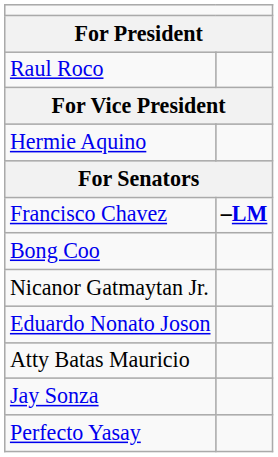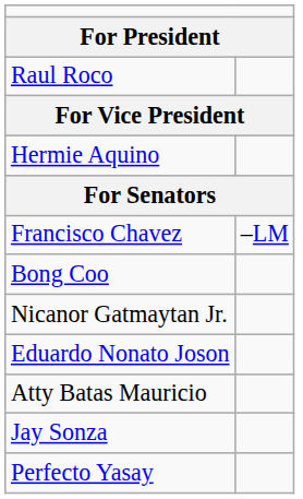 <table class=wikitable style="font-size:90%">
 <tr>
 <td colspan=4 bgcolor=></td>
 </tr>
 <tr>
 <th colspan=5>For President</th>
 </tr>
 <tr>
 <td><a href='#'>Raul Roco</a></td>
 <td></td>
 </tr>
 <tr>
 <th colspan=5>For Vice President</th>
 </tr>
 <tr>
 <td><a href='#'>Hermie Aquino</a></td>
 <td></td>
 </tr>
 <tr>
 <th colspan=5>For Senators</th>
 </tr>
 <tr>
 <td><a href='#'>Francisco Chavez</a></td>
-<td><strong>–<a href='#'>LM</a></strong></td>
+<td>–<a href='#'>LM</a></td>
 </tr>
 <tr>
 <td><a href='#'>Bong Coo</a></td>
 <td></td>
 </tr>
 <tr>
 <td>Nicanor Gatmaytan Jr.</td>
 <td></td>
 </tr>
 <tr>
 <td><a href='#'>Eduardo Nonato Joson</a></td>
 <td></td>
 </tr>
 <tr>
 <td>Atty Batas Mauricio</td>
 <td></td>
 </tr>
 <tr>
 <td><a href='#'>Jay Sonza</a></td>
 <td></td>
 </tr>
 <tr>
 <td><a href='#'>Perfecto Yasay</a></td>
 <td></td>
 </tr>
 </table>
